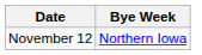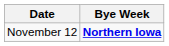 <table class="wikitable" style="font-size:95%;">
 <tr>
 <th>Date</th>
 <th colspan="1">Bye Week</th>
 </tr>
 <tr>
 <td>November 12</td>
-<td><a href='#'>Northern Iowa</a></td>
+<td><strong><a href='#'>Northern Iowa</a></strong></td>
 </tr>
 </table>
